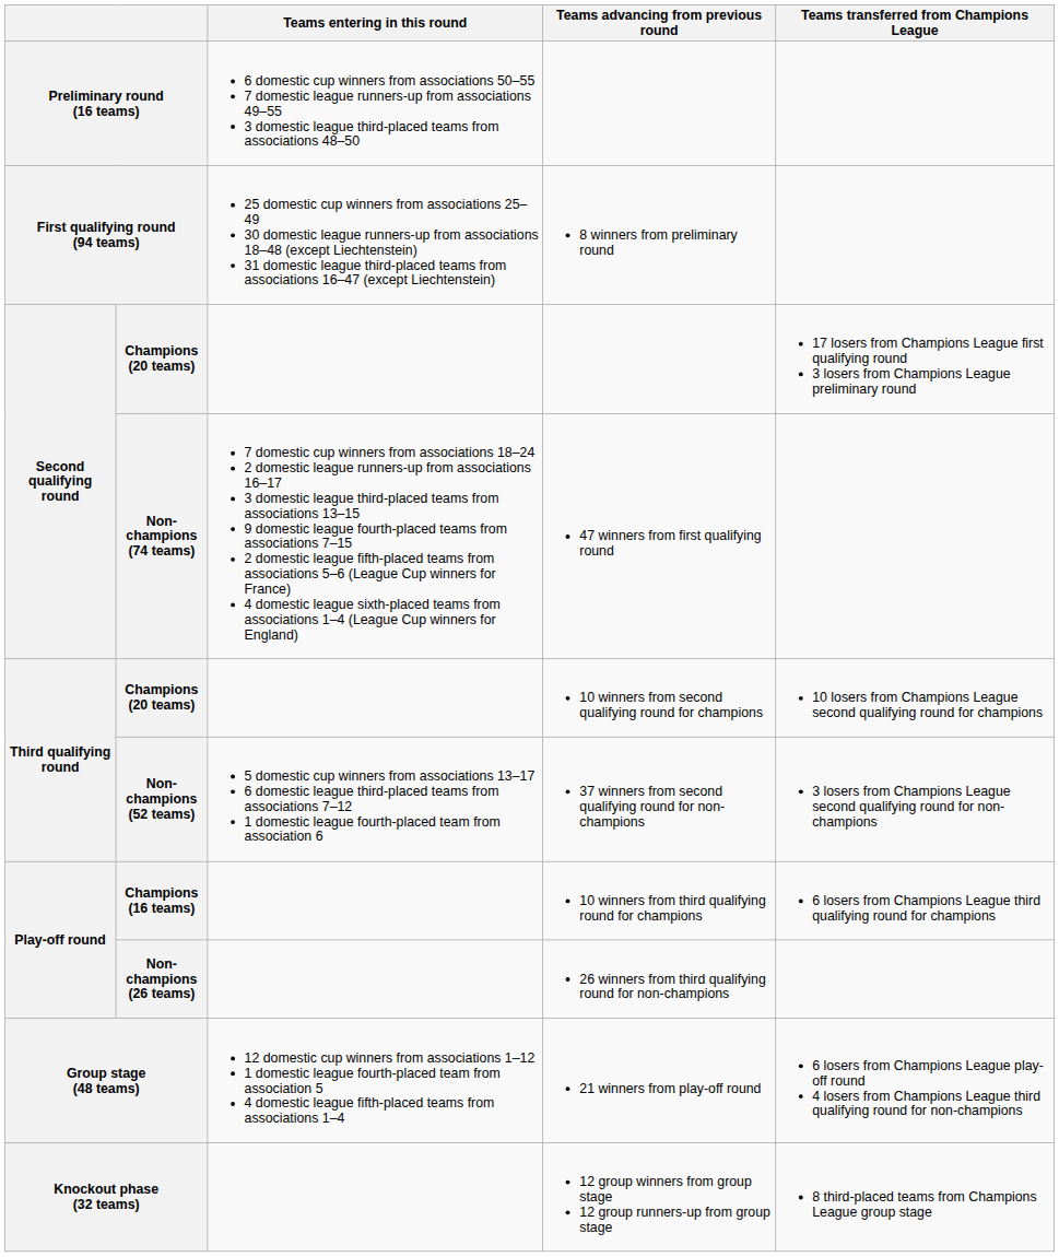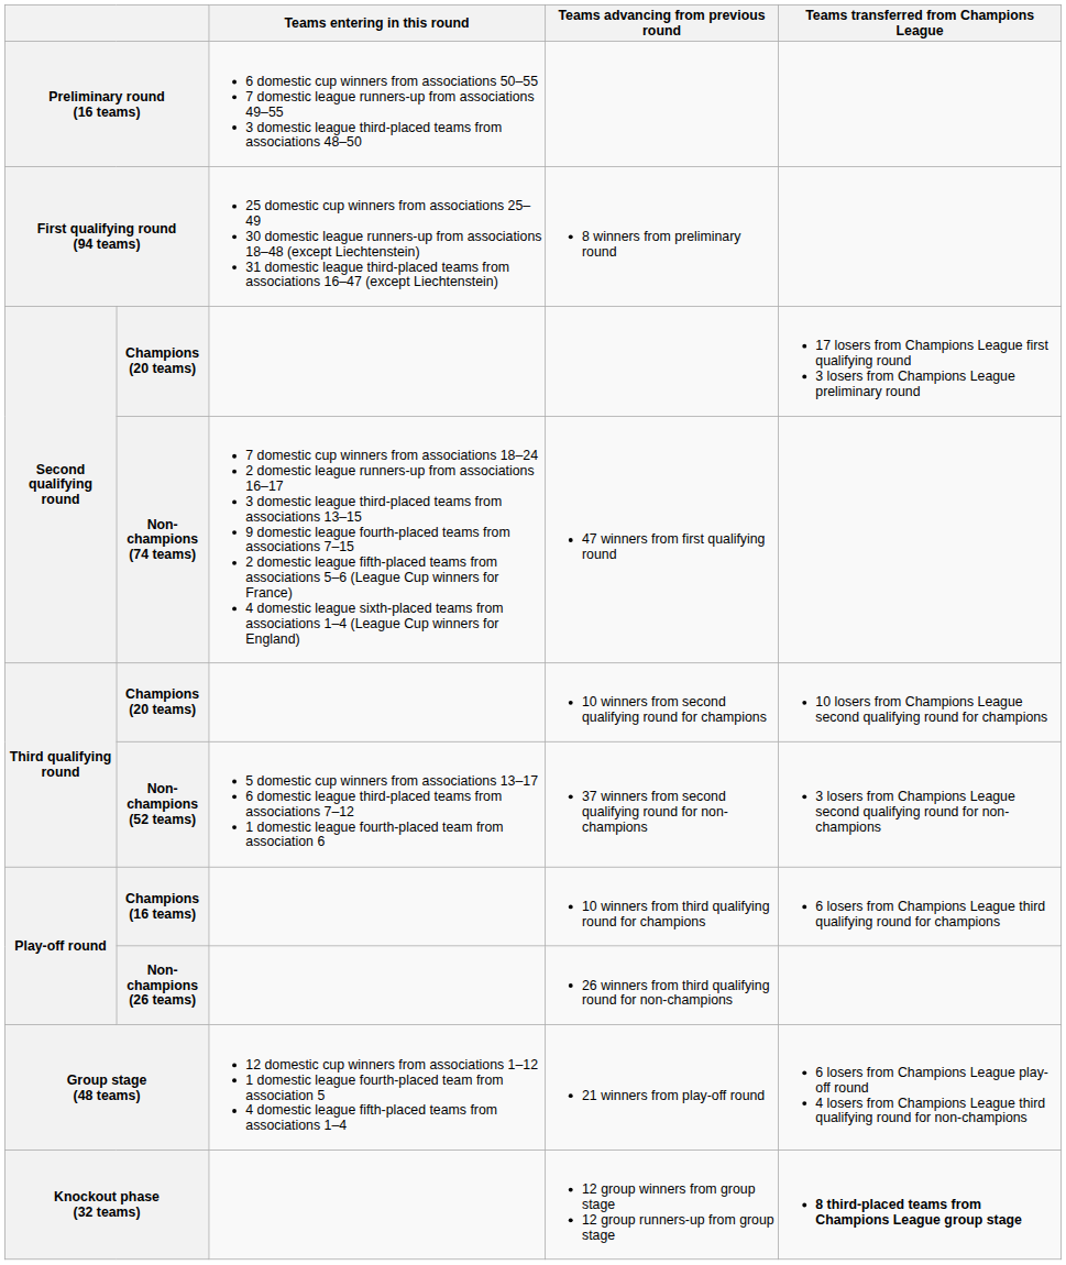 <table class="wikitable">
 <tr>
 <th colspan=2></th>
 <th>Teams entering in this round</th>
 <th>Teams advancing from previous round</th>
 <th>Teams transferred from Champions League</th>
 </tr>
 <tr>
 <th colspan=2>Preliminary round<br>(16 teams)</th>
 <td><br><ul><li>6 domestic cup winners from associations 50–55</li><li>7 domestic league runners-up from associations 49–55</li><li>3 domestic league third-placed teams from associations 48–50</li></ul></td>
 <td></td>
 <td></td>
 </tr>
 <tr>
 <th colspan=2>First qualifying round<br>(94 teams)</th>
 <td><br><ul><li>25 domestic cup winners from associations 25–49</li><li>30 domestic league runners-up from associations 18–48 (except Liechtenstein)</li><li>31 domestic league third-placed teams from associations 16–47 (except Liechtenstein)</li></ul></td>
 <td><br><ul><li>8 winners from preliminary round</li></ul></td>
 <td></td>
 </tr>
 <tr>
 <th rowspan=2>Second qualifying round</th>
 <th>Champions<br>(20 teams)</th>
 <td></td>
 <td></td>
 <td><br><ul><li>17 losers from Champions League first qualifying round</li><li>3 losers from Champions League preliminary round</li></ul></td>
 </tr>
 <tr>
 <th>Non-champions<br>(74 teams)</th>
 <td><br><ul><li>7 domestic cup winners from associations 18–24</li><li>2 domestic league runners-up from associations 16–17</li><li>3 domestic league third-placed teams from associations 13–15</li><li>9 domestic league fourth-placed teams from associations 7–15</li><li>2 domestic league fifth-placed teams from associations 5–6 (League Cup winners for France)</li><li>4 domestic league sixth-placed teams from associations 1–4 (League Cup winners for England)</li></ul></td>
 <td><br><ul><li>47 winners from first qualifying round</li></ul></td>
 <td></td>
 </tr>
 <tr>
 <th rowspan=2>Third qualifying round</th>
 <th>Champions<br>(20 teams)</th>
 <td></td>
 <td><br><ul><li>10 winners from second qualifying round for champions</li></ul></td>
 <td><br><ul><li>10 losers from Champions League second qualifying round for champions</li></ul></td>
 </tr>
 <tr>
 <th>Non-champions<br>(52 teams)</th>
 <td><br><ul><li>5 domestic cup winners from associations 13–17</li><li>6 domestic league third-placed teams from associations 7–12</li><li>1 domestic league fourth-placed team from association 6</li></ul></td>
 <td><br><ul><li>37 winners from second qualifying round for non-champions</li></ul></td>
 <td><br><ul><li>3 losers from Champions League second qualifying round for non-champions</li></ul></td>
 </tr>
 <tr>
 <th rowspan=2>Play-off round</th>
 <th>Champions<br>(16 teams)</th>
 <td></td>
 <td><br><ul><li>10 winners from third qualifying round for champions</li></ul></td>
 <td><br><ul><li>6 losers from Champions League third qualifying round for champions</li></ul></td>
 </tr>
 <tr>
 <th>Non-champions<br>(26 teams)</th>
 <td></td>
 <td><br><ul><li>26 winners from third qualifying round for non-champions</li></ul></td>
 <td></td>
 </tr>
 <tr>
 <th colspan=2>Group stage<br>(48 teams)</th>
 <td><br><ul><li>12 domestic cup winners from associations 1–12</li><li>1 domestic league fourth-placed team from association 5</li><li>4 domestic league fifth-placed teams from associations 1–4</li></ul></td>
 <td><br><ul><li>21 winners from play-off round</li></ul></td>
 <td><br><ul><li>6 losers from Champions League play-off round</li><li>4 losers from Champions League third qualifying round for non-champions</li></ul></td>
 </tr>
 <tr>
 <th colspan=2>Knockout phase<br>(32 teams)</th>
 <td></td>
 <td><br><ul><li>12 group winners from group stage</li><li>12 group runners-up from group stage</li></ul></td>
-<td><br><ul><li>8 third-placed teams from Champions League group stage</li></ul></td>
+<td><strong><br><ul><li>8 third-placed teams from Champions League group stage</li></ul></strong></td>
 </tr>
 </table>
